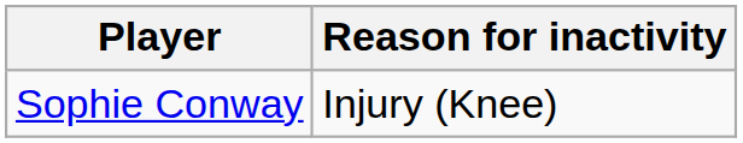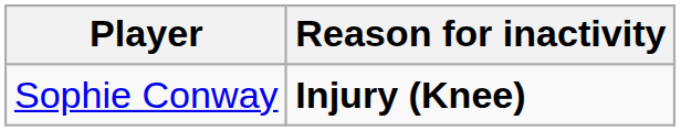 <table class="wikitable plainrowheaders">
 <tr>
 <th scope="col"><strong>Player</strong></th>
 <th scope="col"><strong>Reason for inactivity</strong></th>
 </tr>
 <tr>
 <td><a href='#'>Sophie Conway</a></td>
-<td>Injury (Knee)</td>
+<td><strong>Injury (Knee)</strong></td>
 </tr>
 </table>
